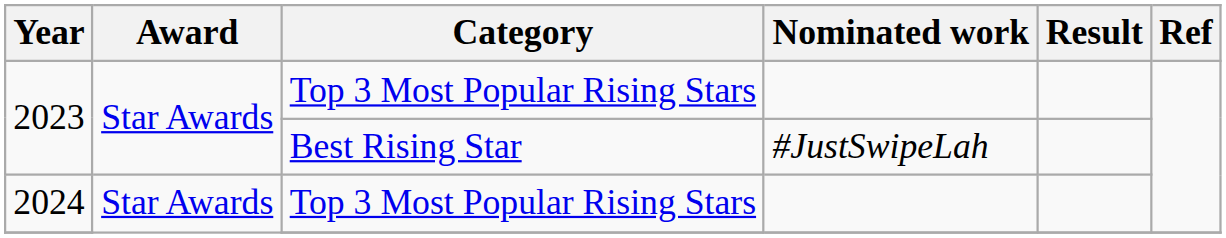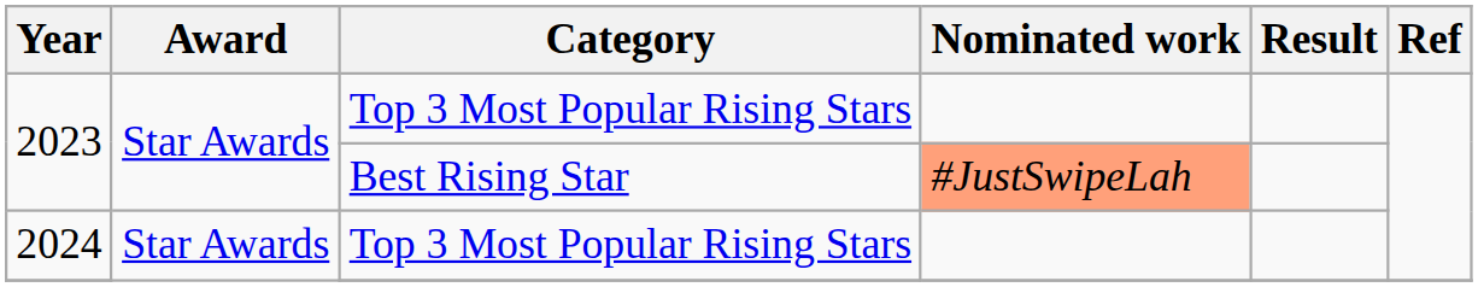 <table class="wikitable sortable">
 <tr>
 <th>Year</th>
 <th>Award</th>
 <th>Category</th>
 <th>Nominated work</th>
 <th>Result</th>
 <th class="unsortable">Ref</th>
 </tr>
 <tr>
 <td rowspan=2>2023</td>
 <td rowspan=2><a href='#'>Star Awards</a></td>
 <td><a href='#'>Top 3 Most Popular Rising Stars</a></td>
 <td></td>
 <td></td>
 <td rowspan=3></td>
 </tr>
 <tr>
 <td><a href='#'>Best Rising Star</a></td>
-<td><em>#JustSwipeLah</em></td>
+<td style="background: lightsalmon;"><em>#JustSwipeLah</em></td>
 <td></td>
 </tr>
 <tr>
 <td rowspan=1>2024</td>
 <td rowspan=2><a href='#'>Star Awards</a></td>
 <td><a href='#'>Top 3 Most Popular Rising Stars</a></td>
 <td></td>
 <td></td>
 </tr>
 <tr>
 </tr>
 </table>
